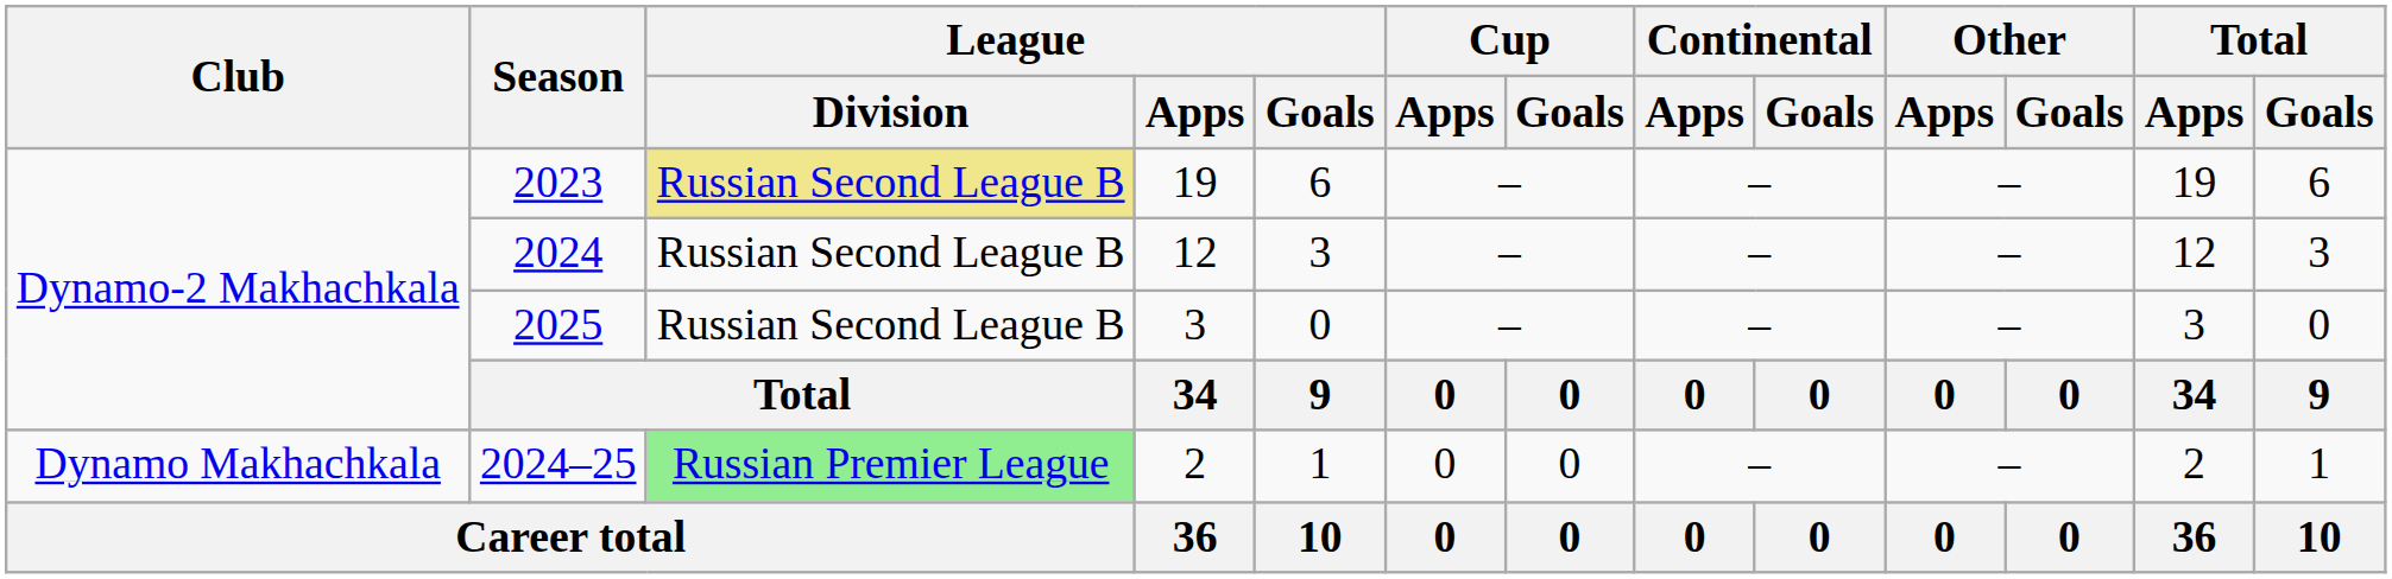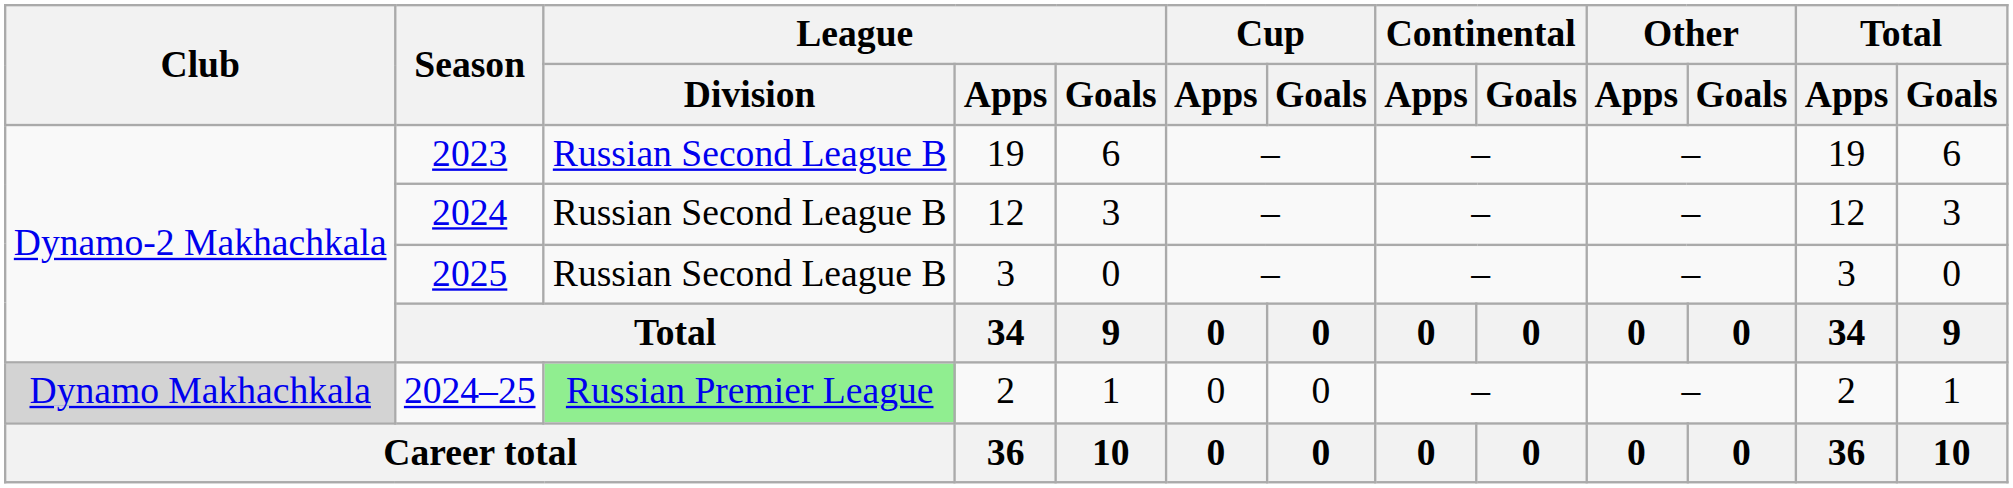 <table class="wikitable" style="text-align: center;">
 <tr>
 <th rowspan=2>Club</th>
 <th rowspan=2>Season</th>
 <th colspan=3>League</th>
 <th colspan=2>Cup</th>
 <th colspan=2>Continental</th>
 <th colspan=2>Other</th>
 <th colspan=2>Total</th>
 </tr>
 <tr>
 <th>Division</th>
 <th>Apps</th>
 <th>Goals</th>
 <th>Apps</th>
 <th>Goals</th>
 <th>Apps</th>
 <th>Goals</th>
 <th>Apps</th>
 <th>Goals</th>
 <th>Apps</th>
 <th>Goals</th>
 </tr>
 <tr>
 <td rowspan="4"><a href='#'>Dynamo-2 Makhachkala</a></td>
 <td><a href='#'>2023</a></td>
-<td style="background: khaki;"><a href='#'>Russian Second League B</a></td>
+<td><a href='#'>Russian Second League B</a></td>
 <td>19</td>
 <td>6</td>
 <td colspan=2>–</td>
 <td colspan=2>–</td>
 <td colspan=2>–</td>
 <td>19</td>
 <td>6</td>
 </tr>
 <tr>
 <td><a href='#'>2024</a></td>
 <td>Russian Second League B</td>
 <td>12</td>
 <td>3</td>
 <td colspan=2>–</td>
 <td colspan=2>–</td>
 <td colspan=2>–</td>
 <td>12</td>
 <td>3</td>
 </tr>
 <tr>
 <td><a href='#'>2025</a></td>
 <td>Russian Second League B</td>
 <td>3</td>
 <td>0</td>
 <td colspan=2>–</td>
 <td colspan=2>–</td>
 <td colspan=2>–</td>
 <td>3</td>
 <td>0</td>
 </tr>
 <tr>
 <th colspan=2>Total</th>
 <th>34</th>
 <th>9</th>
 <th>0</th>
 <th>0</th>
 <th>0</th>
 <th>0</th>
 <th>0</th>
 <th>0</th>
 <th>34</th>
 <th>9</th>
 </tr>
 <tr>
-<td><a href='#'>Dynamo Makhachkala</a></td>
+<td style="background: lightgrey;"><a href='#'>Dynamo Makhachkala</a></td>
 <td><a href='#'>2024–25</a></td>
 <td style="background: lightgreen;"><a href='#'>Russian Premier League</a></td>
 <td>2</td>
 <td>1</td>
 <td>0</td>
 <td>0</td>
 <td colspan=2>–</td>
 <td colspan=2>–</td>
 <td>2</td>
 <td>1</td>
 </tr>
 <tr>
 <th colspan=3>Career total</th>
 <th>36</th>
 <th>10</th>
 <th>0</th>
 <th>0</th>
 <th>0</th>
 <th>0</th>
 <th>0</th>
 <th>0</th>
 <th>36</th>
 <th>10</th>
 </tr>
 </table>
